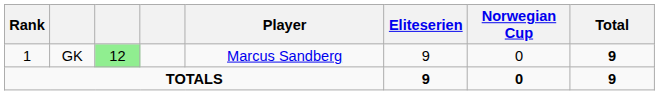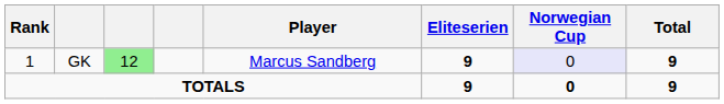 <table class="wikitable" style="font-size: 95%; text-align: center;">
 <tr>
 <th width=40>Rank</th>
 <th width=40></th>
 <th width=40></th>
 <th width=40></th>
 <th width=200>Player</th>
 <th width=80><a href='#'>Eliteserien</a></th>
 <th width=100><a href='#'>Norwegian Cup</a></th>
 <th width=80><strong>Total</strong></th>
 </tr>
 <tr>
 <td>1</td>
 <td>GK</td>
 <td style="background: lightgreen;">12</td>
 <td></td>
 <td><a href='#'>Marcus Sandberg</a></td>
-<td>9</td>
-<td>0</td>
+<td><strong>9</strong></td>
+<td style="background: lavender;">0</td>
 <td><strong>9</strong></td>
 </tr>
 <tr>
 <td colspan="5"><strong>TOTALS</strong></td>
 <td><strong>9</strong></td>
 <td><strong>0</strong></td>
 <td><strong>9</strong></td>
 </tr>
 </table>
